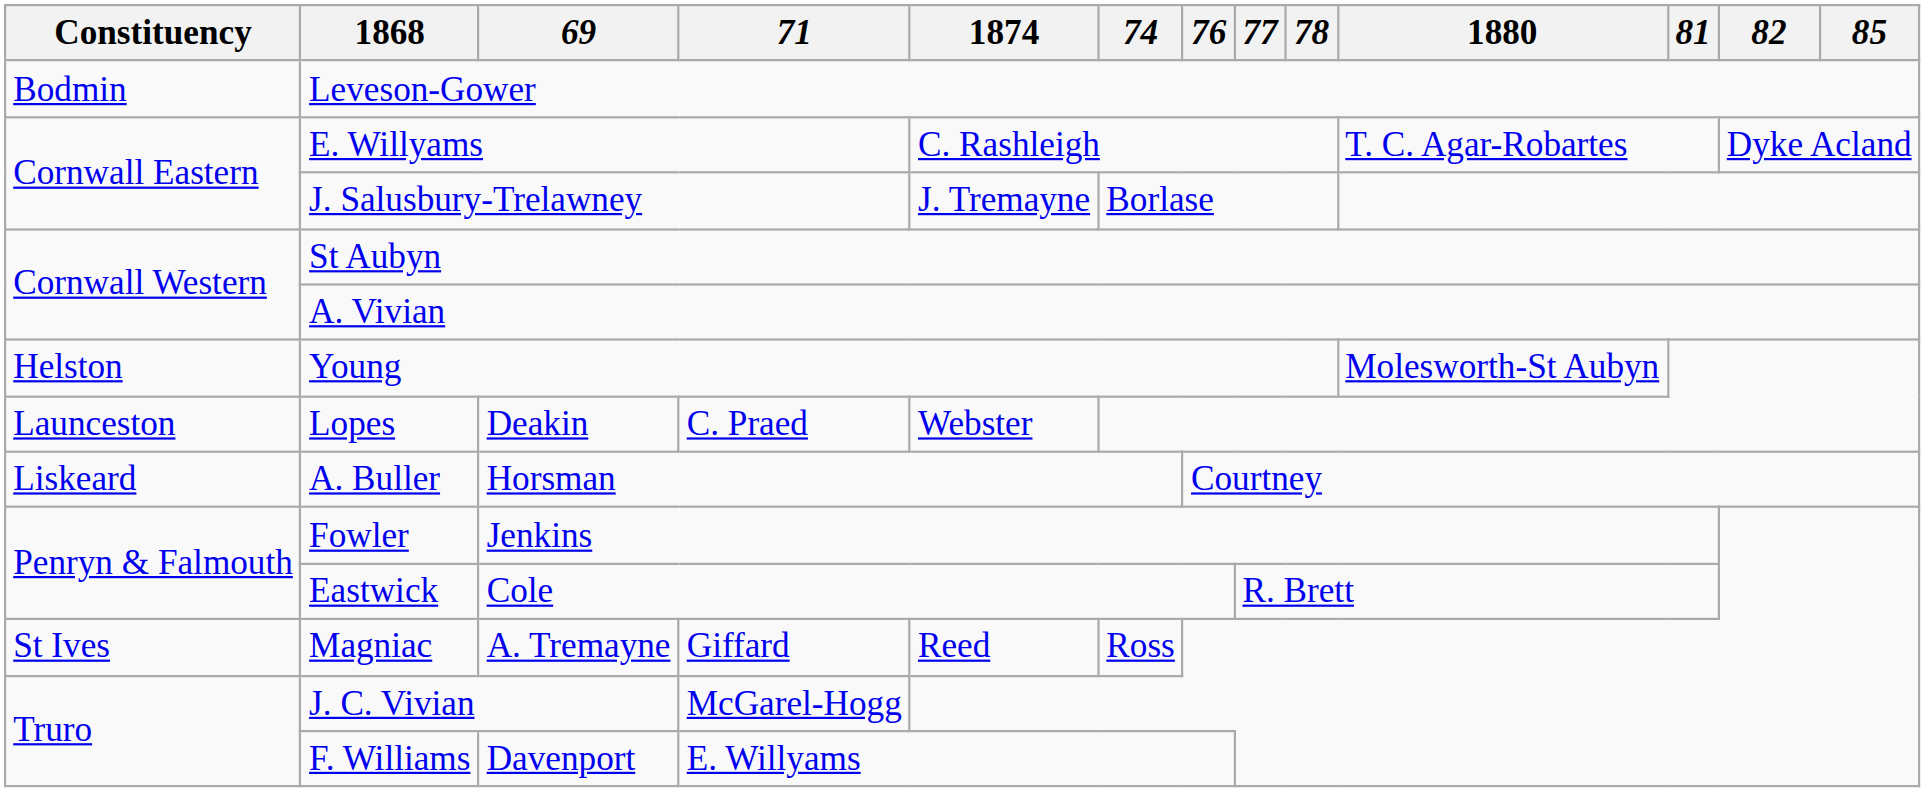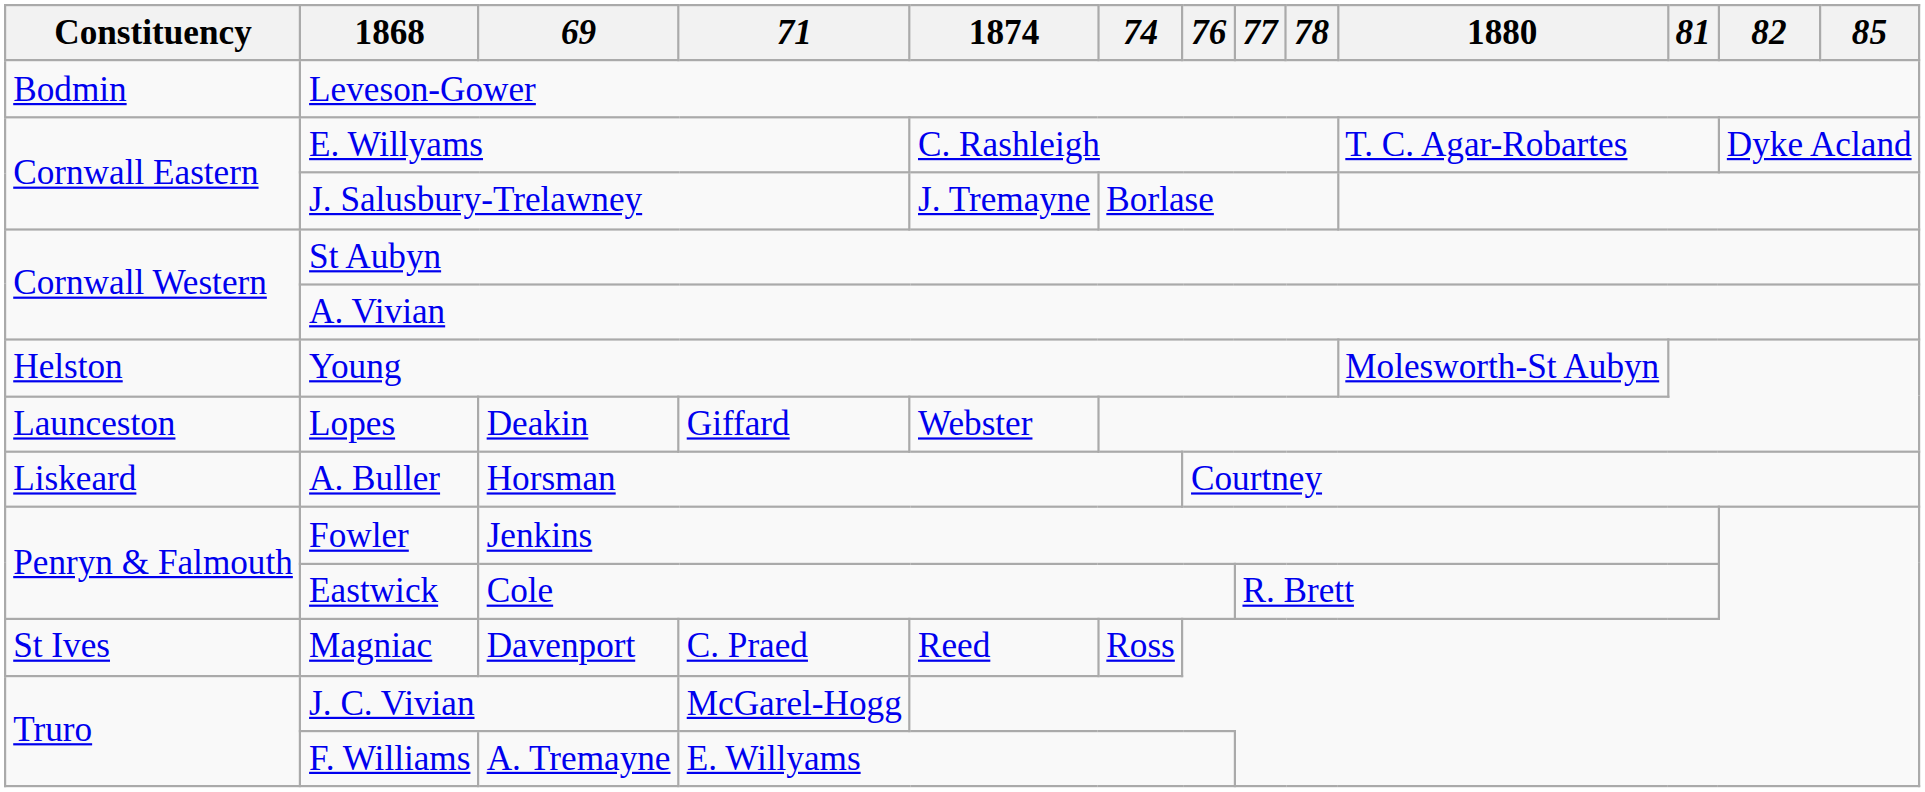 <table class="wikitable">
 <tr>
 <th>Constituency</th>
 <th>1868</th>
 <th><em>69</em></th>
 <th><em>71</em></th>
 <th>1874</th>
 <th><em>74</em></th>
 <th><em>76</em></th>
 <th><em>77</em></th>
 <th><em>78</em></th>
 <th>1880</th>
 <th><em>81</em></th>
 <th><em>82</em></th>
 <th><em>85</em></th>
 </tr>
 <tr>
 <td><a href='#'>Bodmin</a></td>
 <td colspan="12"><a href='#'>Leveson-Gower</a></td>
 </tr>
 <tr>
 <td rowspan="2"><a href='#'>Cornwall Eastern</a></td>
 <td colspan="3"><a href='#'>E. Willyams</a></td>
 <td colspan="5"><a href='#'>C. Rashleigh</a></td>
 <td colspan="2"><a href='#'>T. C. Agar-Robartes</a></td>
 <td colspan="2"><a href='#'>Dyke Acland</a></td>
 </tr>
 <tr>
 <td colspan="3"><a href='#'>J. Salusbury-Trelawney</a></td>
 <td><a href='#'>J. Tremayne</a></td>
 <td colspan="4"><a href='#'>Borlase</a></td>
 </tr>
 <tr>
 <td rowspan="2"><a href='#'>Cornwall Western</a></td>
 <td colspan="12"><a href='#'>St Aubyn</a></td>
 </tr>
 <tr>
 <td colspan="12"><a href='#'>A. Vivian</a></td>
 </tr>
 <tr>
 <td><a href='#'>Helston</a></td>
 <td colspan="8"><a href='#'>Young</a></td>
 <td><a href='#'>Molesworth-St Aubyn</a></td>
 </tr>
 <tr>
 <td><a href='#'>Launceston</a></td>
 <td><a href='#'>Lopes</a></td>
 <td><a href='#'>Deakin</a></td>
-<td><a href='#'>C. Praed</a></td>
+<td><a href='#'>Giffard</a></td>
 <td><a href='#'>Webster</a></td>
 </tr>
 <tr>
 <td><a href='#'>Liskeard</a></td>
 <td><a href='#'>A. Buller</a></td>
 <td colspan="4"><a href='#'>Horsman</a></td>
 <td colspan="7"><a href='#'>Courtney</a></td>
 </tr>
 <tr>
 <td rowspan="2"><a href='#'>Penryn & Falmouth</a></td>
 <td><a href='#'>Fowler</a></td>
 <td colspan="9"><a href='#'>Jenkins</a></td>
 </tr>
 <tr>
 <td><a href='#'>Eastwick</a></td>
 <td colspan="5"><a href='#'>Cole</a></td>
 <td colspan="4"><a href='#'>R. Brett</a></td>
 </tr>
 <tr>
 <td><a href='#'>St Ives</a></td>
 <td><a href='#'>Magniac</a></td>
-<td><a href='#'>A. Tremayne</a></td>
-<td><a href='#'>Giffard</a></td>
+<td><a href='#'>Davenport</a></td>
+<td><a href='#'>C. Praed</a></td>
 <td><a href='#'>Reed</a></td>
 <td><a href='#'>Ross</a></td>
 </tr>
 <tr>
 <td rowspan="2"><a href='#'>Truro</a></td>
 <td colspan="2"><a href='#'>J. C. Vivian</a></td>
 <td><a href='#'>McGarel-Hogg</a></td>
 </tr>
 <tr>
 <td><a href='#'>F. Williams</a></td>
-<td><a href='#'>Davenport</a></td>
+<td><a href='#'>A. Tremayne</a></td>
 <td colspan="4"><a href='#'>E. Willyams</a></td>
 </tr>
 </table>
